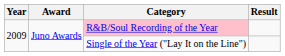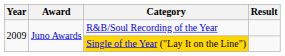 <table class="wikitable">
 <tr>
 <th>Year</th>
 <th>Award</th>
 <th>Category</th>
 <th>Result</th>
 </tr>
 <tr>
 <td rowspan="2">2009</td>
 <td rowspan="2"><a href='#'>Juno Awards</a></td>
-<td style="background: pink;"><a href='#'>R&B/Soul Recording of the Year</a></td>
+<td><a href='#'>R&B/Soul Recording of the Year</a></td>
 <td></td>
 </tr>
 <tr>
-<td><a href='#'>Single of the Year</a> ("Lay It on the Line")</td>
+<td style="background: gold;"><a href='#'>Single of the Year</a> ("Lay It on the Line")</td>
 <td></td>
 </tr>
 </table>
